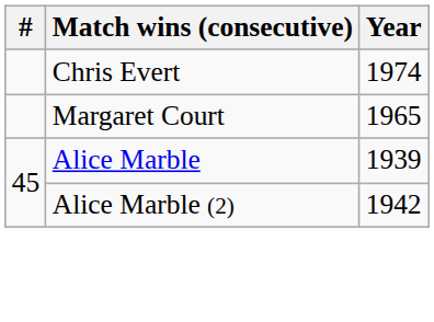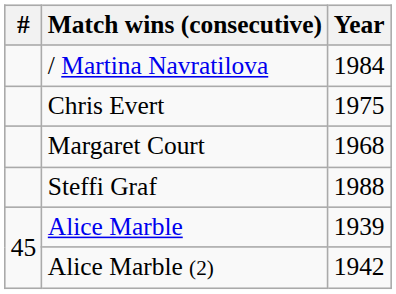 <table class=wikitable style="display:inline-table;">
 <tr>
 <th>#</th>
 <th>Match wins (consecutive)</th>
 <th>Year</th>
 </tr>
 <tr>
 <td></td>
+<td>/ <a href='#'>Martina Navratilova</a></td>
+<td>1984</td>
+</tr>
+<tr>
+<td></td>
 <td> Chris Evert</td>
-<td>1974</td>
+<td>1975</td>
 </tr>
 <tr>
 <td></td>
 <td> Margaret Court</td>
-<td>1965</td>
+<td>1968</td>
+</tr>
+<tr>
+<td></td>
+<td> Steffi Graf</td>
+<td>1988</td>
 </tr>
 <tr>
 <td rowspan="2" style="text-align:center;">45</td>
 <td> <a href='#'>Alice Marble</a></td>
 <td>1939</td>
 </tr>
 <tr>
 <td> Alice Marble <small>(2)</small></td>
 <td>1942</td>
 </tr>
 </table>
